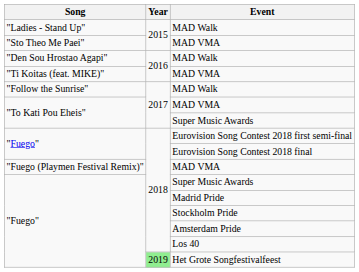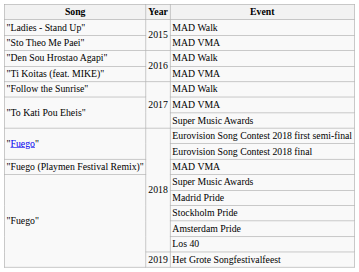 <table class="wikitable">
 <tr>
 <th>Song</th>
 <th>Year</th>
 <th>Event</th>
 </tr>
 <tr>
 <td>"Ladies - Stand Up"</td>
 <td rowspan="2">2015</td>
 <td>MAD Walk</td>
 </tr>
 <tr>
 <td>"Sto Theo Me Paei"</td>
 <td>MAD VMA</td>
 </tr>
 <tr>
 <td>"Den Sou Hrostao Agapi"</td>
 <td rowspan="2">2016</td>
 <td>MAD Walk</td>
 </tr>
 <tr>
 <td>"Ti Koitas (feat. MIKE)"</td>
 <td>MAD VMA</td>
 </tr>
 <tr>
 <td>"Follow the Sunrise"</td>
 <td rowspan="3">2017</td>
 <td>MAD Walk</td>
 </tr>
 <tr>
 <td rowspan="2">"To Kati Pou Eheis"</td>
 <td>MAD VMA</td>
 </tr>
 <tr>
 <td>Super Music Awards</td>
 </tr>
 <tr>
 <td rowspan="2">"<a href='#'>Fuego</a>"</td>
 <td rowspan="8">2018</td>
 <td>Eurovision Song Contest 2018 first semi-final</td>
 </tr>
 <tr>
 <td>Eurovision Song Contest 2018 final</td>
 </tr>
 <tr>
 <td>"Fuego (Playmen Festival Remix)"</td>
 <td>MAD VMA</td>
 </tr>
 <tr>
 <td rowspan="6">"Fuego"</td>
 <td>Super Music Awards </td>
 </tr>
 <tr>
 <td>Madrid Pride</td>
 </tr>
 <tr>
 <td>Stockholm Pride</td>
 </tr>
 <tr>
 <td>Amsterdam Pride</td>
 </tr>
 <tr>
 <td>Los 40</td>
 </tr>
 <tr>
-<td style="background: lightgreen;">2019</td>
+<td>2019</td>
 <td>Het Grote Songfestivalfeest</td>
 </tr>
 </table>
